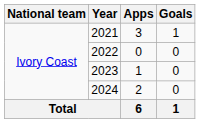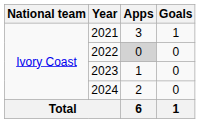 <table class="wikitable" style="text-align: center;">
 <tr>
 <th>National team</th>
 <th>Year</th>
 <th>Apps</th>
 <th>Goals</th>
 </tr>
 <tr>
 <td rowspan="4"><a href='#'>Ivory Coast</a></td>
 <td>2021</td>
 <td>3</td>
 <td>1</td>
 </tr>
 <tr>
 <td>2022</td>
-<td>0</td>
+<td style="background: lightgrey;">0</td>
 <td>0</td>
 </tr>
 <tr>
 <td>2023</td>
 <td>1</td>
 <td>0</td>
 </tr>
 <tr>
 <td>2024</td>
 <td>2</td>
 <td>0</td>
 </tr>
 <tr>
 <th colspan="2">Total</th>
 <th>6</th>
 <th>1</th>
 </tr>
 </table>
